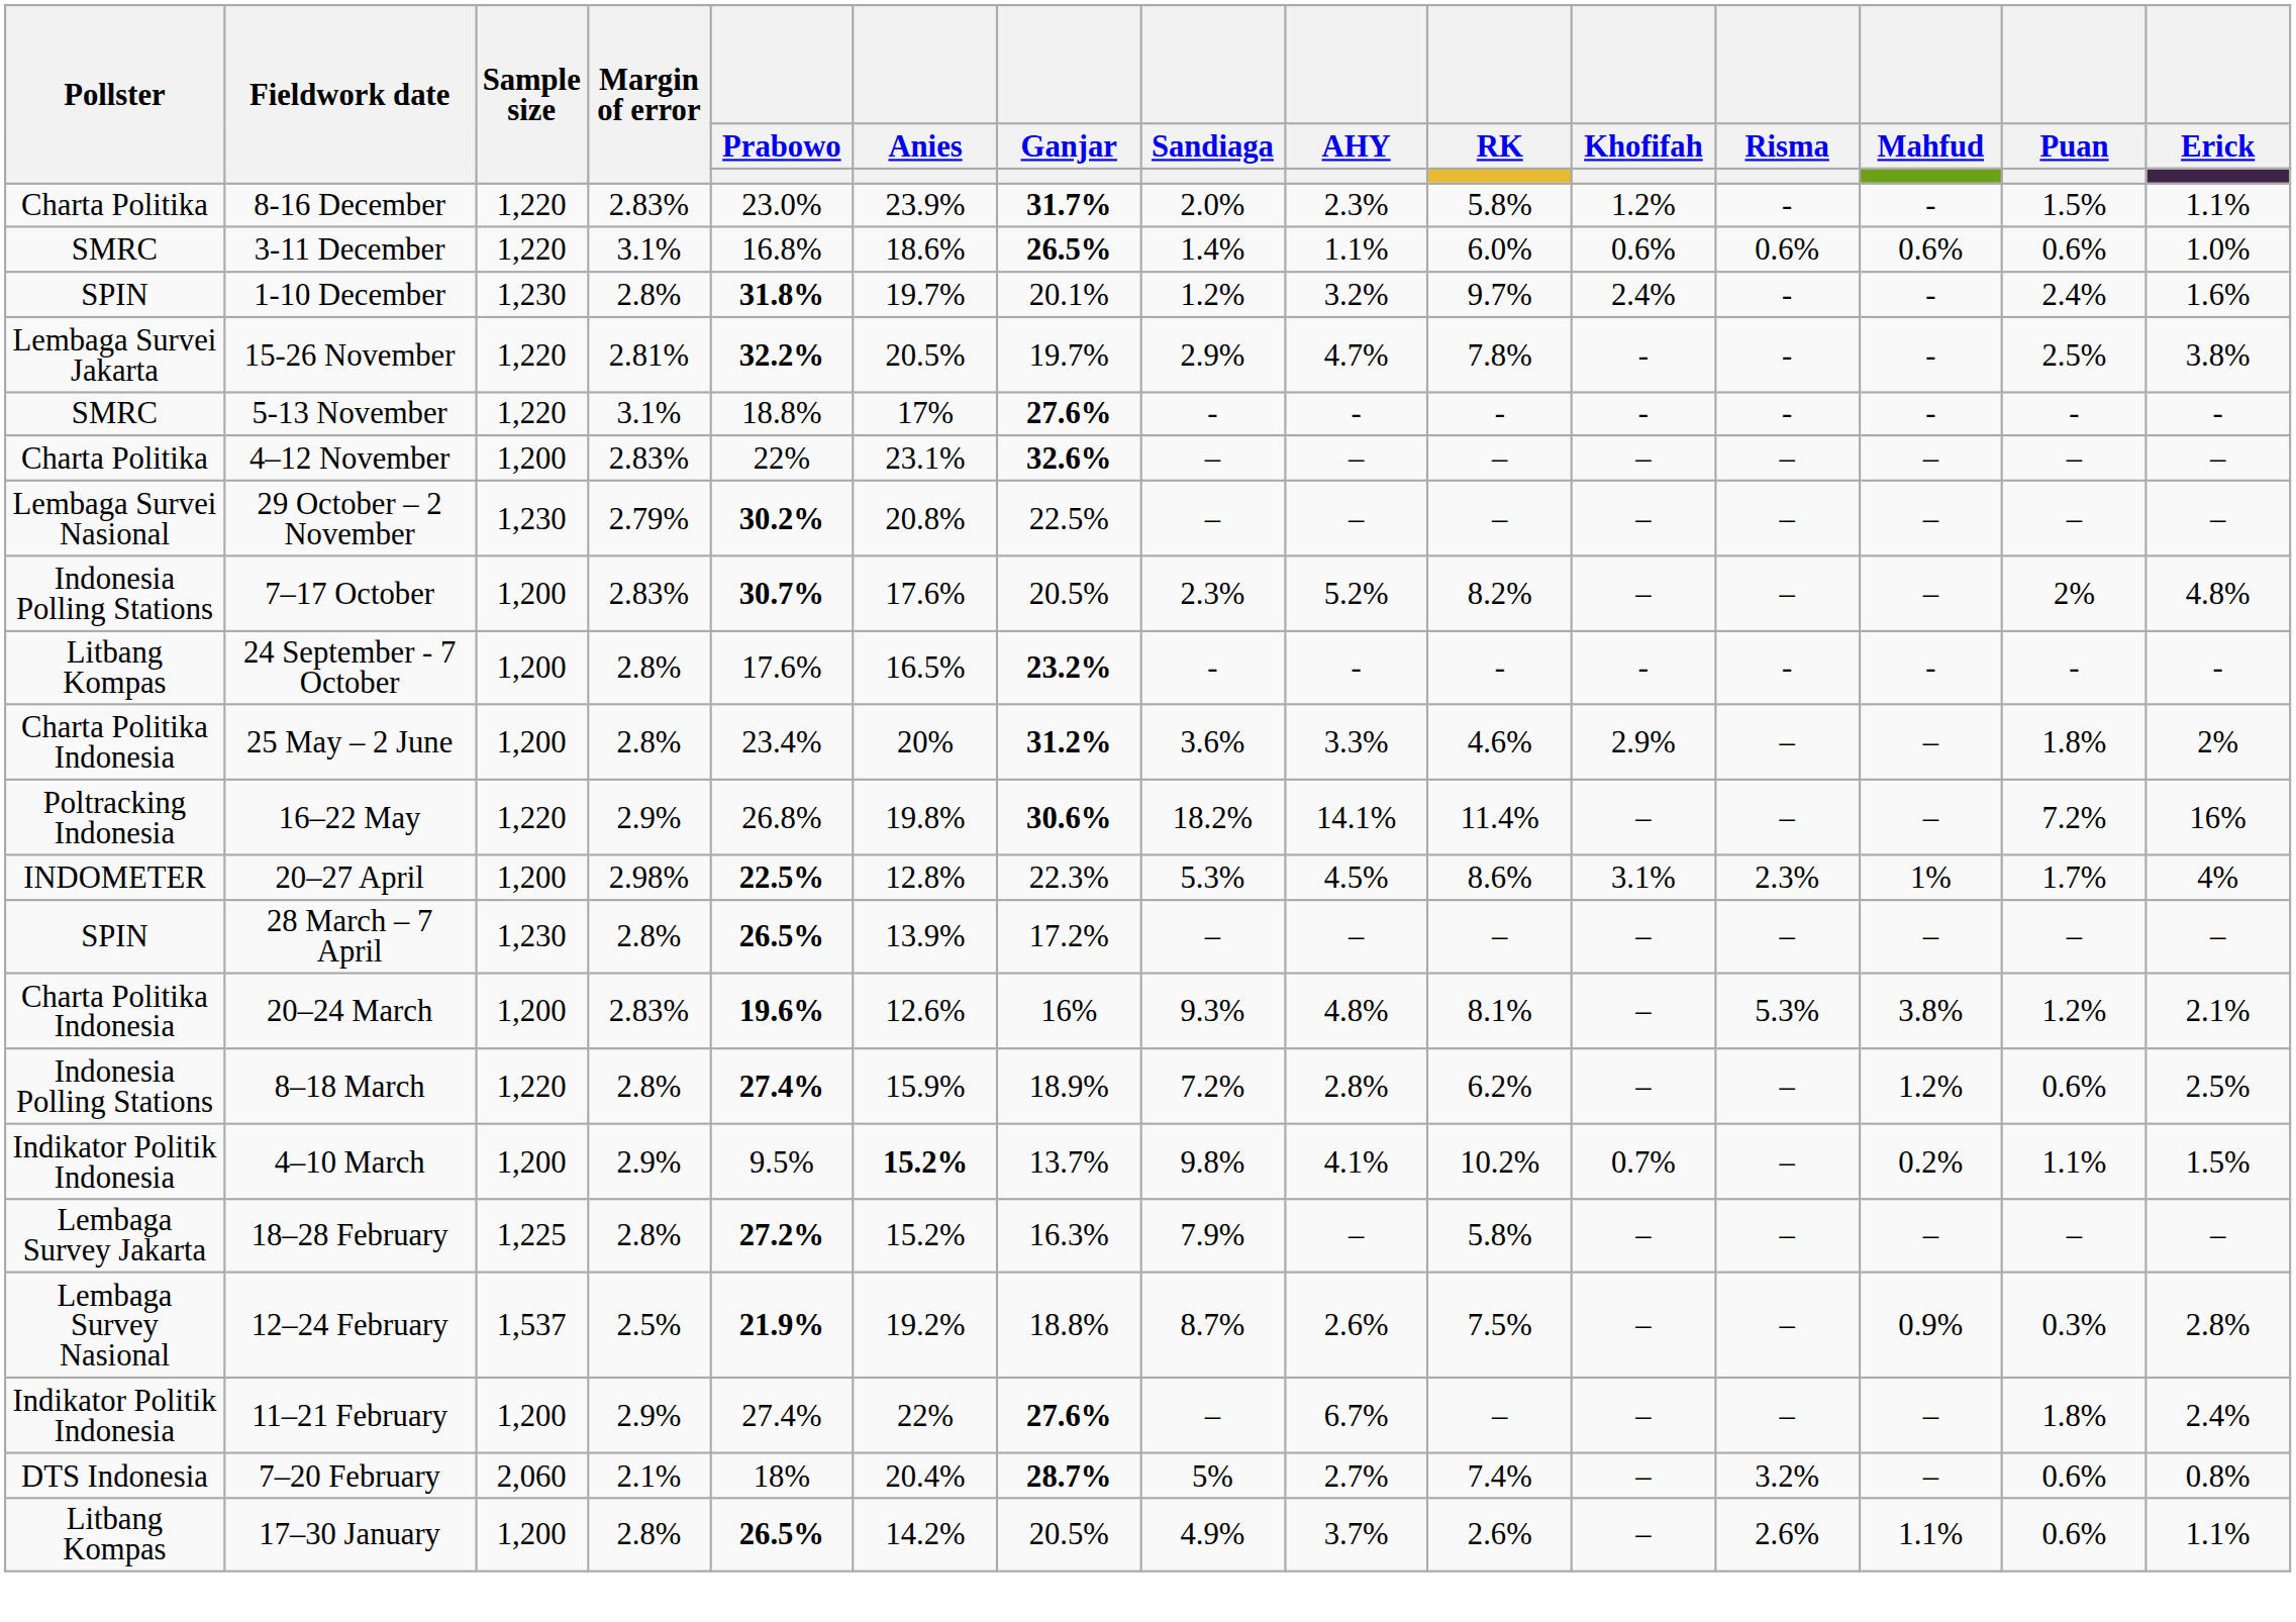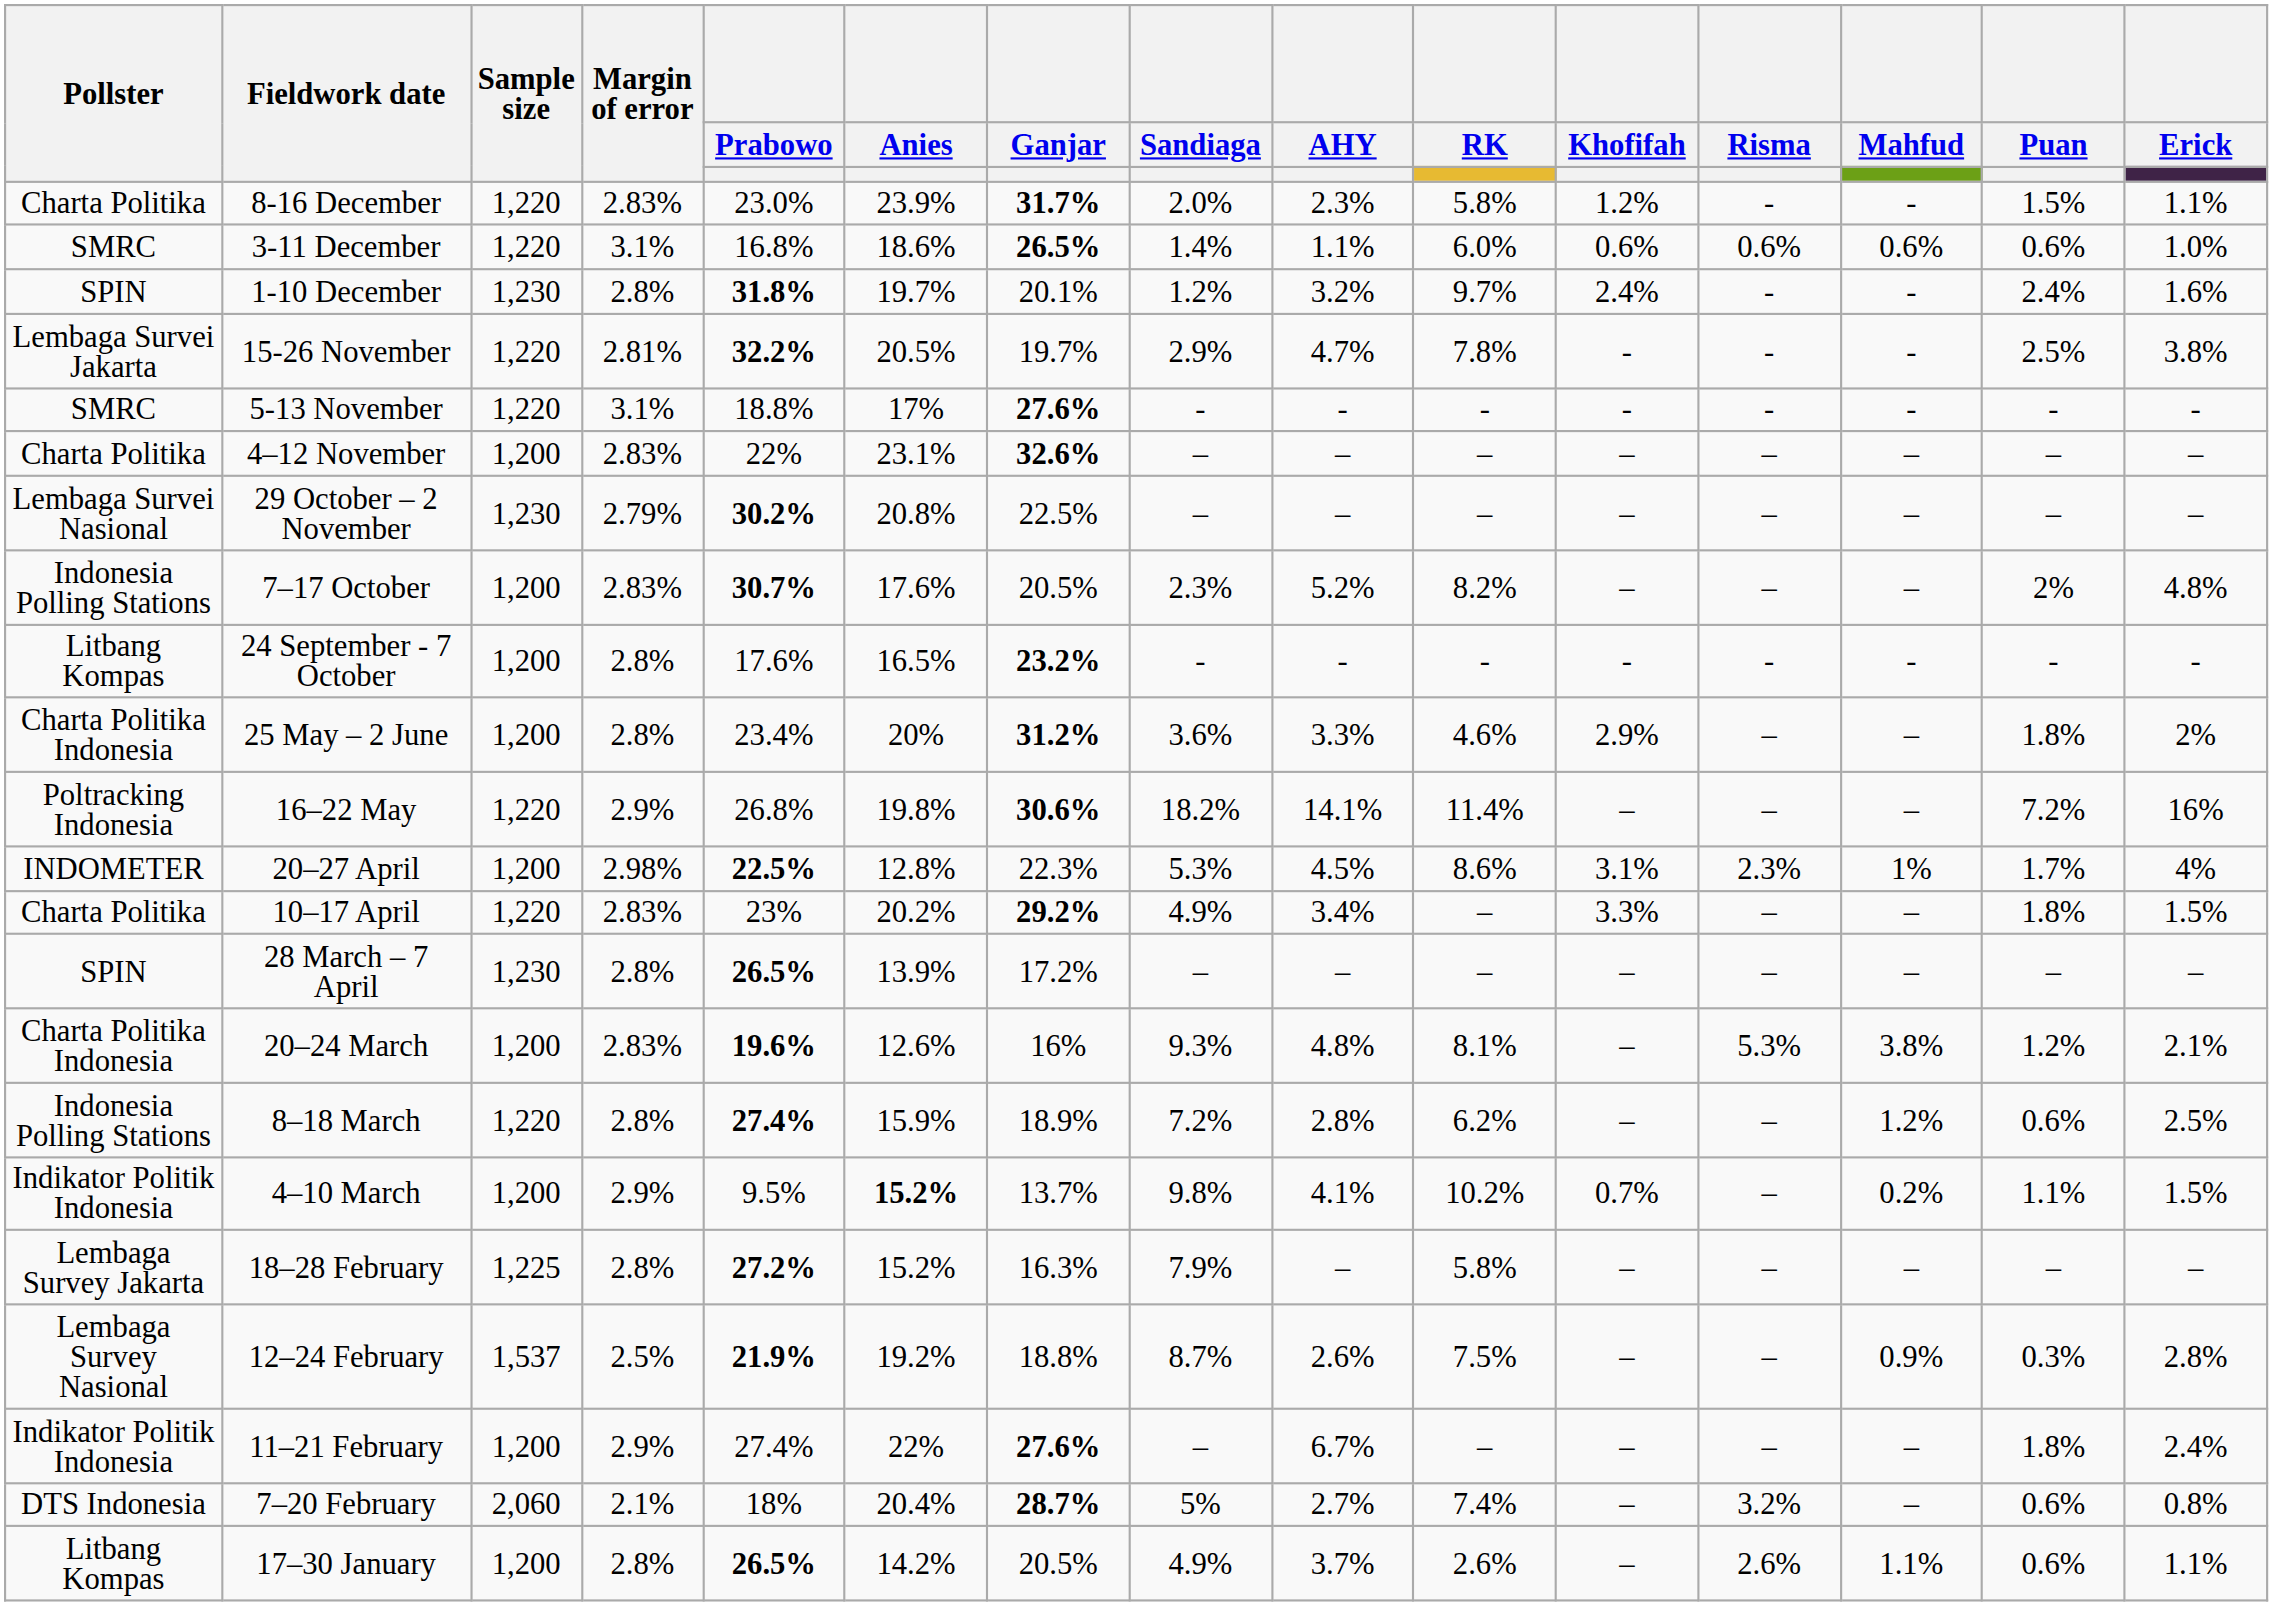 <table class="wikitable" style="text-align:center; font-size:90%; line-height:14px;">
 <tr style="height:55px; background-color:#E9E9E9">
 <th rowspan="3" style="width:95px;">Pollster</th>
 <th rowspan="3" style="width:110px;">Fieldwork date</th>
 <th rowspan="3" style="width:35px;">Sample size</th>
 <th rowspan="3" style="width:50px;">Margin of error</th>
 <th style="width:60px;"></th>
 <th style="width:60px;"></th>
 <th style="width:60px;"></th>
 <th style="width:60px;"></th>
 <th style="width:60px;"></th>
 <th style="width:60px;"></th>
 <th style="width:60px;"></th>
 <th style="width:60px;"></th>
 <th style="width:60px;"></th>
 <th style="width:60px;"></th>
 <th style="width:60px;"></th>
 </tr>
 <tr>
 <th><a href='#'>Prabowo</a> <br></th>
 <th><a href='#'>Anies</a> <br></th>
 <th><a href='#'>Ganjar</a> <br></th>
 <th><a href='#'>Sandiaga</a> <br></th>
 <th><a href='#'>AHY</a> <br></th>
 <th><a href='#'>RK</a> <br></th>
 <th><a href='#'>Khofifah</a> <br></th>
 <th><a href='#'>Risma</a> <br></th>
 <th><a href='#'>Mahfud</a> <br></th>
 <th><a href='#'>Puan</a> <br></th>
 <th><a href='#'>Erick</a> <br></th>
 </tr>
 <tr>
 <th class="unsortable" style="color:inherit;background:"></th>
 <th class="unsortable" style="color:inherit;background:"></th>
 <th class="unsortable" style="color:inherit;background:"></th>
 <th class="unsortable" style="color:inherit;background:"></th>
 <th class="unsortable" style="color:inherit;background:"></th>
 <th class="unsortable" style="color:inherit;background:#E7BA32; width:40px;"></th>
 <th class="unsortable" style="color:inherit;background:"></th>
 <th class="unsortable" style="color:inherit;background:"></th>
 <th class="unsortable" style="color:inherit;background:#6CA016; width:40px;"></th>
 <th class="unsortable" style="color:inherit;background:"></th>
 <th class="unsortable" style="color:inherit;background:#3F2347; width:40px;"></th>
 </tr>
 <tr>
 <td>Charta Politika</td>
 <td>8-16 December</td>
 <td>1,220</td>
 <td>2.83%</td>
 <td>23.0%</td>
 <td>23.9%</td>
 <td style="background-color:#"><strong>31.7%</strong></td>
 <td>2.0%</td>
 <td>2.3%</td>
 <td>5.8%</td>
 <td>1.2%</td>
 <td>-</td>
 <td>-</td>
 <td>1.5%</td>
 <td>1.1%</td>
 </tr>
 <tr>
 <td>SMRC</td>
 <td>3-11 December</td>
 <td>1,220</td>
 <td>3.1%</td>
 <td>16.8%</td>
 <td>18.6%</td>
 <td style="background-color:#"><strong>26.5%</strong></td>
 <td>1.4%</td>
 <td>1.1%</td>
 <td>6.0%</td>
 <td>0.6%</td>
 <td>0.6%</td>
 <td>0.6%</td>
 <td>0.6%</td>
 <td>1.0%</td>
 </tr>
 <tr>
 <td>SPIN</td>
 <td>1-10 December</td>
 <td>1,230</td>
 <td>2.8%</td>
 <td style="background-color:#"><strong>31.8%</strong></td>
 <td>19.7%</td>
 <td>20.1%</td>
 <td>1.2%</td>
 <td>3.2%</td>
 <td>9.7%</td>
 <td>2.4%</td>
 <td>-</td>
 <td>-</td>
 <td>2.4%</td>
 <td>1.6%</td>
 </tr>
 <tr>
 <td>Lembaga Survei Jakarta</td>
 <td>15-26 November</td>
 <td>1,220</td>
 <td>2.81%</td>
 <td style="background-color:#"><strong>32.2%</strong></td>
 <td>20.5%</td>
 <td>19.7%</td>
 <td>2.9%</td>
 <td>4.7%</td>
 <td>7.8%</td>
 <td>-</td>
 <td>-</td>
 <td>-</td>
 <td>2.5%</td>
 <td>3.8%</td>
 </tr>
 <tr>
 <td>SMRC</td>
 <td>5-13 November</td>
 <td>1,220</td>
 <td>3.1%</td>
 <td>18.8%</td>
 <td>17%</td>
 <td style="background-color:#"><strong>27.6%</strong></td>
 <td>-</td>
 <td>-</td>
 <td>-</td>
 <td>-</td>
 <td>-</td>
 <td>-</td>
 <td>-</td>
 <td>-</td>
 </tr>
 <tr>
 <td>Charta Politika </td>
 <td>4–12 November</td>
 <td>1,200</td>
 <td>2.83%</td>
 <td>22%</td>
 <td>23.1%</td>
 <td style="background-color:#"><strong>32.6%</strong> </td>
 <td>–</td>
 <td>–</td>
 <td>–</td>
 <td>–</td>
 <td>–</td>
 <td>–</td>
 <td>–</td>
 <td>–</td>
 </tr>
 <tr>
 <td>Lembaga Survei Nasional</td>
 <td>29 October – 2 November</td>
 <td>1,230</td>
 <td>2.79%</td>
 <td style="background-color:#"><strong>30.2%</strong><br></td>
 <td>20.8%</td>
 <td>22.5%</td>
 <td>–</td>
 <td>–</td>
 <td>–</td>
 <td>–</td>
 <td>–</td>
 <td>–</td>
 <td>–</td>
 <td>–</td>
 </tr>
 <tr>
 <td>Indonesia Polling Stations</td>
 <td>7–17 October</td>
 <td>1,200</td>
 <td>2.83%</td>
 <td style="background-color:#"><strong>30.7%</strong><br></td>
 <td>17.6%</td>
 <td>20.5%</td>
 <td>2.3%</td>
 <td>5.2%</td>
 <td>8.2%</td>
 <td>–</td>
 <td>–</td>
 <td>–</td>
 <td>2%</td>
 <td>4.8%</td>
 </tr>
 <tr>
 <td>Litbang Kompas</td>
 <td>24 September - 7 October</td>
 <td>1,200</td>
 <td>2.8%</td>
 <td>17.6%</td>
 <td>16.5%</td>
 <td style="background-color:#"><strong>23.2%</strong></td>
 <td>-</td>
 <td>-</td>
 <td>-</td>
 <td>-</td>
 <td>-</td>
 <td>-</td>
 <td>-</td>
 <td>-</td>
 </tr>
 <tr>
 <td>Charta Politika Indonesia</td>
 <td>25 May – 2 June</td>
 <td>1,200</td>
 <td>2.8%</td>
 <td>23.4%</td>
 <td>20%</td>
 <td style="background-color:#"><strong>31.2%</strong> </td>
 <td>3.6%</td>
 <td>3.3%</td>
 <td>4.6%</td>
 <td>2.9%</td>
 <td>–</td>
 <td>–</td>
 <td>1.8%</td>
 <td>2%</td>
 </tr>
 <tr>
 <td>Poltracking Indonesia</td>
 <td>16–22 May</td>
 <td>1,220</td>
 <td>2.9%</td>
 <td>26.8%</td>
 <td>19.8%</td>
 <td style="background-color:#"><strong>30.6%</strong> </td>
 <td>18.2%</td>
 <td>14.1%</td>
 <td>11.4%</td>
 <td>–</td>
 <td>–</td>
 <td>–</td>
 <td>7.2%</td>
 <td>16%</td>
 </tr>
 <tr>
 <td>INDOMETER</td>
 <td>20–27 April</td>
 <td>1,200</td>
 <td>2.98%</td>
 <td style="background-color:#"><strong>22.5%</strong></td>
 <td>12.8%</td>
 <td>22.3%</td>
 <td>5.3%</td>
 <td>4.5%</td>
 <td>8.6%</td>
 <td>3.1%</td>
 <td>2.3%</td>
 <td>1%</td>
 <td>1.7%</td>
 <td>4%</td>
 </tr>
 <tr>
+<td>Charta Politika</td>
+<td>10–17 April</td>
+<td>1,220</td>
+<td>2.83%</td>
+<td>23%</td>
+<td>20.2%</td>
+<td style="background-color:#"><strong>29.2%</strong> </td>
+<td>4.9%</td>
+<td>3.4%</td>
+<td>–</td>
+<td>3.3%</td>
+<td>–</td>
+<td>–</td>
+<td>1.8%</td>
+<td>1.5%</td>
+</tr>
+<tr>
 <td>SPIN</td>
 <td>28 March – 7 April</td>
 <td>1,230</td>
 <td>2.8%</td>
 <td style="background-color:#"><strong>26.5%</strong></td>
 <td>13.9%</td>
 <td>17.2%</td>
 <td>–</td>
 <td>–</td>
 <td>–</td>
 <td>–</td>
 <td>–</td>
 <td>–</td>
 <td>–</td>
 <td>–</td>
 </tr>
 <tr>
 <td>Charta Politika Indonesia</td>
 <td>20–24 March</td>
 <td>1,200</td>
 <td>2.83%</td>
 <td style="background-color:#"><strong>19.6%</strong></td>
 <td>12.6%</td>
 <td>16%</td>
 <td>9.3%</td>
 <td>4.8%</td>
 <td>8.1%</td>
 <td>–</td>
 <td>5.3%</td>
 <td>3.8%</td>
 <td>1.2%</td>
 <td>2.1%</td>
 </tr>
 <tr>
 <td>Indonesia Polling Stations</td>
 <td>8–18 March</td>
 <td>1,220</td>
 <td>2.8%</td>
 <td style="background-color:#"><strong>27.4%</strong></td>
 <td>15.9%</td>
 <td>18.9%</td>
 <td>7.2%</td>
 <td>2.8%</td>
 <td>6.2%</td>
 <td>–</td>
 <td>–</td>
 <td>1.2%</td>
 <td>0.6%</td>
 <td>2.5%</td>
 </tr>
 <tr>
 <td>Indikator Politik Indonesia</td>
 <td>4–10 March</td>
 <td>1,200</td>
 <td>2.9%</td>
 <td>9.5%</td>
 <td style="background-color:#"><strong>15.2%</strong> </td>
 <td>13.7%</td>
 <td>9.8%</td>
 <td>4.1%</td>
 <td>10.2%</td>
 <td>0.7%</td>
 <td>–</td>
 <td>0.2%</td>
 <td>1.1%</td>
 <td>1.5%</td>
 </tr>
 <tr>
 <td>Lembaga Survey Jakarta</td>
 <td>18–28 February</td>
 <td>1,225</td>
 <td>2.8%</td>
 <td style="background-color:#"><strong>27.2%</strong></td>
 <td>15.2%</td>
 <td>16.3%</td>
 <td>7.9%</td>
 <td>–</td>
 <td>5.8%</td>
 <td>–</td>
 <td>–</td>
 <td>–</td>
 <td>–</td>
 <td>–</td>
 </tr>
 <tr>
 <td>Lembaga Survey Nasional</td>
 <td>12–24 February</td>
 <td>1,537</td>
 <td>2.5%</td>
 <td style="background-color:#"><strong>21.9%</strong></td>
 <td>19.2%</td>
 <td>18.8%</td>
 <td>8.7%</td>
 <td>2.6%</td>
 <td>7.5%</td>
 <td>–</td>
 <td>–</td>
 <td>0.9%</td>
 <td>0.3%</td>
 <td>2.8%</td>
 </tr>
 <tr>
 <td>Indikator Politik Indonesia</td>
 <td>11–21 February</td>
 <td>1,200</td>
 <td>2.9%</td>
 <td>27.4%</td>
 <td>22%</td>
 <td style="background-color:#"><strong>27.6%</strong> </td>
 <td>–</td>
 <td>6.7%</td>
 <td>–</td>
 <td>–</td>
 <td>–</td>
 <td>–</td>
 <td>1.8%</td>
 <td>2.4%</td>
 </tr>
 <tr>
 <td>DTS Indonesia</td>
 <td>7–20 February</td>
 <td>2,060</td>
 <td>2.1%</td>
 <td>18%</td>
 <td>20.4%</td>
 <td style="background-color:#"><strong>28.7%</strong> </td>
 <td>5%</td>
 <td>2.7%</td>
 <td>7.4%</td>
 <td>–</td>
 <td>3.2%</td>
 <td>–</td>
 <td>0.6%</td>
 <td>0.8%</td>
 </tr>
 <tr>
 <td>Litbang Kompas</td>
 <td>17–30 January</td>
 <td>1,200</td>
 <td>2.8%</td>
 <td style="background-color:#"><strong>26.5%</strong></td>
 <td>14.2%</td>
 <td>20.5%</td>
 <td>4.9%</td>
 <td>3.7%</td>
 <td>2.6%</td>
 <td>–</td>
 <td>2.6%</td>
 <td>1.1%</td>
 <td>0.6%</td>
 <td>1.1%</td>
 </tr>
 </table>
